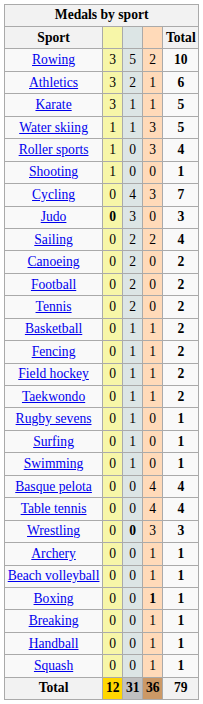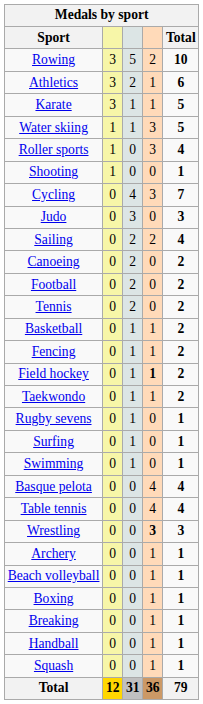 <table class="wikitable" style=font-size:85%;float:right;text-align:center>
 <tr>
 <th colspan=5>Medals by sport</th>
 </tr>
 <tr>
 <th>Sport</th>
 <td bgcolor=F7F6A8></td>
 <td bgcolor=DCE5E5></td>
 <td bgcolor=FFDAB9></td>
 <th>Total</th>
 </tr>
 <tr>
 <td><a href='#'>Rowing</a></td>
 <td bgcolor=F7F6A8>3</td>
 <td bgcolor=DCE5E5>5</td>
 <td bgcolor=FFDAB9>2</td>
 <td><strong>10</strong></td>
 </tr>
 <tr>
 <td><a href='#'>Athletics</a></td>
 <td bgcolor=F7F6A8>3</td>
 <td bgcolor=DCE5E5>2</td>
 <td bgcolor=FFDAB9>1</td>
 <td><strong>6</strong></td>
 </tr>
 <tr>
 <td><a href='#'>Karate</a></td>
 <td bgcolor=F7F6A8>3</td>
 <td bgcolor=DCE5E5>1</td>
 <td bgcolor=FFDAB9>1</td>
 <td><strong>5</strong></td>
 </tr>
 <tr>
 <td><a href='#'>Water skiing</a></td>
 <td bgcolor=F7F6A8>1</td>
 <td bgcolor=DCE5E5>1</td>
 <td bgcolor=FFDAB9>3</td>
 <td><strong>5</strong></td>
 </tr>
 <tr>
 <td><a href='#'>Roller sports</a></td>
 <td bgcolor=F7F6A8>1</td>
 <td bgcolor=DCE5E5>0</td>
 <td bgcolor=FFDAB9>3</td>
 <td><strong>4</strong></td>
 </tr>
 <tr>
 <td><a href='#'>Shooting</a></td>
 <td bgcolor=F7F6A8>1</td>
 <td bgcolor=DCE5E5>0</td>
 <td bgcolor=FFDAB9>0</td>
 <td><strong>1</strong></td>
 </tr>
 <tr>
 <td><a href='#'>Cycling</a></td>
 <td bgcolor=F7F6A8>0</td>
 <td bgcolor=DCE5E5>4</td>
 <td bgcolor=FFDAB9>3</td>
 <td><strong>7</strong></td>
 </tr>
 <tr>
 <td><a href='#'>Judo</a></td>
-<td bgcolor=F7F6A8><strong>0</strong></td>
+<td bgcolor=F7F6A8>0</td>
 <td bgcolor=DCE5E5>3</td>
 <td bgcolor=FFDAB9>0</td>
 <td><strong>3</strong></td>
 </tr>
 <tr>
 <td><a href='#'>Sailing</a></td>
 <td bgcolor=F7F6A8>0</td>
 <td bgcolor=DCE5E5>2</td>
 <td bgcolor=FFDAB9>2</td>
 <td><strong>4</strong></td>
 </tr>
 <tr>
 <td><a href='#'>Canoeing</a></td>
 <td bgcolor=F7F6A8>0</td>
 <td bgcolor=DCE5E5>2</td>
 <td bgcolor=FFDAB9>0</td>
 <td><strong>2</strong></td>
 </tr>
 <tr>
 <td><a href='#'>Football</a></td>
 <td bgcolor=F7F6A8>0</td>
 <td bgcolor=DCE5E5>2</td>
 <td bgcolor=FFDAB9>0</td>
 <td><strong>2</strong></td>
 </tr>
 <tr>
 <td><a href='#'>Tennis</a></td>
 <td bgcolor=F7F6A8>0</td>
 <td bgcolor=DCE5E5>2</td>
 <td bgcolor=FFDAB9>0</td>
 <td><strong>2</strong></td>
 </tr>
 <tr>
 <td><a href='#'>Basketball</a></td>
 <td bgcolor=F7F6A8>0</td>
 <td bgcolor=DCE5E5>1</td>
 <td bgcolor=FFDAB9>1</td>
 <td><strong>2</strong></td>
 </tr>
 <tr>
 <td><a href='#'>Fencing</a></td>
 <td bgcolor=F7F6A8>0</td>
 <td bgcolor=DCE5E5>1</td>
 <td bgcolor=FFDAB9>1</td>
 <td><strong>2</strong></td>
 </tr>
 <tr>
 <td><a href='#'>Field hockey</a></td>
 <td bgcolor=F7F6A8>0</td>
 <td bgcolor=DCE5E5>1</td>
-<td bgcolor=FFDAB9>1</td>
+<td bgcolor=FFDAB9><strong>1</strong></td>
 <td><strong>2</strong></td>
 </tr>
 <tr>
 <td><a href='#'>Taekwondo</a></td>
 <td bgcolor=F7F6A8>0</td>
 <td bgcolor=DCE5E5>1</td>
 <td bgcolor=FFDAB9>1</td>
 <td><strong>2</strong></td>
 </tr>
 <tr>
 <td><a href='#'>Rugby sevens</a></td>
 <td bgcolor=F7F6A8>0</td>
 <td bgcolor=DCE5E5>1</td>
 <td bgcolor=FFDAB9>0</td>
 <td><strong>1</strong></td>
 </tr>
 <tr>
 <td><a href='#'>Surfing</a></td>
 <td bgcolor=F7F6A8>0</td>
 <td bgcolor=DCE5E5>1</td>
 <td bgcolor=FFDAB9>0</td>
 <td><strong>1</strong></td>
 </tr>
 <tr>
 <td><a href='#'>Swimming</a></td>
 <td bgcolor=F7F6A8>0</td>
 <td bgcolor=DCE5E5>1</td>
 <td bgcolor=FFDAB9>0</td>
 <td><strong>1</strong></td>
 </tr>
 <tr>
 <td><a href='#'>Basque pelota</a></td>
 <td bgcolor=F7F6A8>0</td>
 <td bgcolor=DCE5E5>0</td>
 <td bgcolor=FFDAB9>4</td>
 <td><strong>4</strong></td>
 </tr>
 <tr>
 <td><a href='#'>Table tennis</a></td>
 <td bgcolor=F7F6A8>0</td>
 <td bgcolor=DCE5E5>0</td>
 <td bgcolor=FFDAB9>4</td>
 <td><strong>4</strong></td>
 </tr>
 <tr>
 <td><a href='#'>Wrestling</a></td>
 <td bgcolor=F7F6A8>0</td>
-<td bgcolor=DCE5E5><strong>0</strong></td>
-<td bgcolor=FFDAB9>3</td>
+<td bgcolor=DCE5E5>0</td>
+<td bgcolor=FFDAB9><strong>3</strong></td>
 <td><strong>3</strong></td>
 </tr>
 <tr>
 <td><a href='#'>Archery</a></td>
 <td bgcolor=F7F6A8>0</td>
 <td bgcolor=DCE5E5>0</td>
 <td bgcolor=FFDAB9>1</td>
 <td><strong>1</strong></td>
 </tr>
 <tr>
 <td nowrap><a href='#'>Beach volleyball</a></td>
 <td bgcolor=F7F6A8>0</td>
 <td bgcolor=DCE5E5>0</td>
 <td bgcolor=FFDAB9>1</td>
 <td><strong>1</strong></td>
 </tr>
 <tr>
 <td><a href='#'>Boxing</a></td>
 <td bgcolor=F7F6A8>0</td>
 <td bgcolor=DCE5E5>0</td>
-<td bgcolor=FFDAB9><strong>1</strong></td>
+<td bgcolor=FFDAB9>1</td>
 <td><strong>1</strong></td>
 </tr>
 <tr>
 <td><a href='#'>Breaking</a></td>
 <td bgcolor=F7F6A8>0</td>
 <td bgcolor=DCE5E5>0</td>
 <td bgcolor=FFDAB9>1</td>
 <td><strong>1</strong></td>
 </tr>
 <tr>
 <td><a href='#'>Handball</a></td>
 <td bgcolor=F7F6A8>0</td>
 <td bgcolor=DCE5E5>0</td>
 <td bgcolor=FFDAB9>1</td>
 <td><strong>1</strong></td>
 </tr>
 <tr>
 <td><a href='#'>Squash</a></td>
 <td bgcolor=F7F6A8>0</td>
 <td bgcolor=DCE5E5>0</td>
 <td bgcolor=FFDAB9>1</td>
 <td><strong>1</strong></td>
 </tr>
 <tr>
 <th>Total</th>
 <th style=background:gold>12</th>
 <th style=background:silver>31</th>
 <th style=background:#c96>36</th>
 <th>79</th>
 </tr>
 </table>
